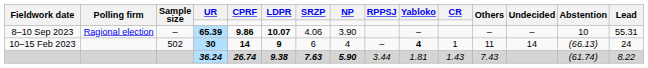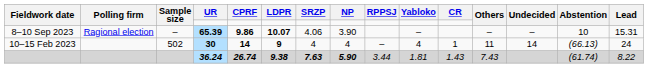 <table class=wikitable style="font-size:95%; line-height:14px; text-align:center">
 <tr>
 <th style=width:120px; rowspan=2>Fieldwork date</th>
 <th style=width:120px; rowspan=2>Polling firm</th>
 <th style=width:50px; rowspan=2>Sample<br>size</th>
 <th style="width:50px;"><a href='#'>UR</a></th>
 <th style="width:50px;"><a href='#'>CPRF</a></th>
 <th style="width:50px;"><a href='#'>LDPR</a></th>
 <th style="width:50px;"><a href='#'>SRZP</a></th>
 <th style="width:50px;"><a href='#'>NP</a></th>
 <th style="width:50px;"><a href='#'>RPPSJ</a></th>
 <th style="width:50px;"><a href='#'>Yabloko</a></th>
 <th style="width:50px;"><a href='#'>CR</a></th>
 <th style="width:50px;" rowspan=2>Others</th>
 <th style="width:50px;" rowspan=2>Undecided</th>
 <th style="width:50px;" rowspan=2>Abstention</th>
 <th style="width:50px;" rowspan="2">Lead</th>
 </tr>
 <tr>
 <td bgcolor=></td>
 <td bgcolor=></td>
 <td bgcolor=></td>
 <td bgcolor=></td>
 <td bgcolor=></td>
 <td bgcolor=></td>
 <td bgcolor=></td>
 <td bgcolor=></td>
 </tr>
 <tr>
 <td>8–10 Sep 2023</td>
 <td><a href='#'>Ragional election</a></td>
 <td>–</td>
 <td style="background:#B3E0FF"><strong>65.39</strong></td>
 <td><strong>9.86</strong></td>
 <td><strong>10.07</strong></td>
 <td>4.06</td>
 <td>3.90</td>
 <td></td>
 <td>–</td>
 <td></td>
 <td>–</td>
 <td>–</td>
 <td>10</td>
-<td style="background:">55.31</td>
+<td style="background:">15.31</td>
 </tr>
 <tr>
 <td>10–15 Feb 2023</td>
 <td></td>
 <td>502</td>
 <td style="background:#B3E0FF"><strong>30</strong></td>
 <td><strong>14</strong></td>
 <td><strong>9</strong></td>
-<td>6</td>
+<td>4</td>
 <td>4</td>
 <td>–</td>
-<td><strong>4</strong></td>
+<td>4</td>
 <td>1</td>
 <td>11</td>
 <td>14</td>
 <td><em>(66.13)</em></td>
 <td style="background:">24</td>
 </tr>
 <tr style="background:#D5D5D5">
 <td></td>
 <td></td>
 <td></td>
 <td style="background:#B3E0FF"><strong><em>36.24</em></strong></td>
 <td><strong><em>26.74</em></strong></td>
 <td><strong><em>9.38</em></strong></td>
 <td><strong><em>7.63</em></strong></td>
 <td><strong><em>5.90</em></strong></td>
 <td><em>3.44</em></td>
 <td><em>1.81</em></td>
 <td><em>1.43</em></td>
 <td><em>7.43</em></td>
 <td></td>
 <td><em>(61.74)</em></td>
 <td style="background:"><em>8.22</em></td>
 </tr>
 </table>
